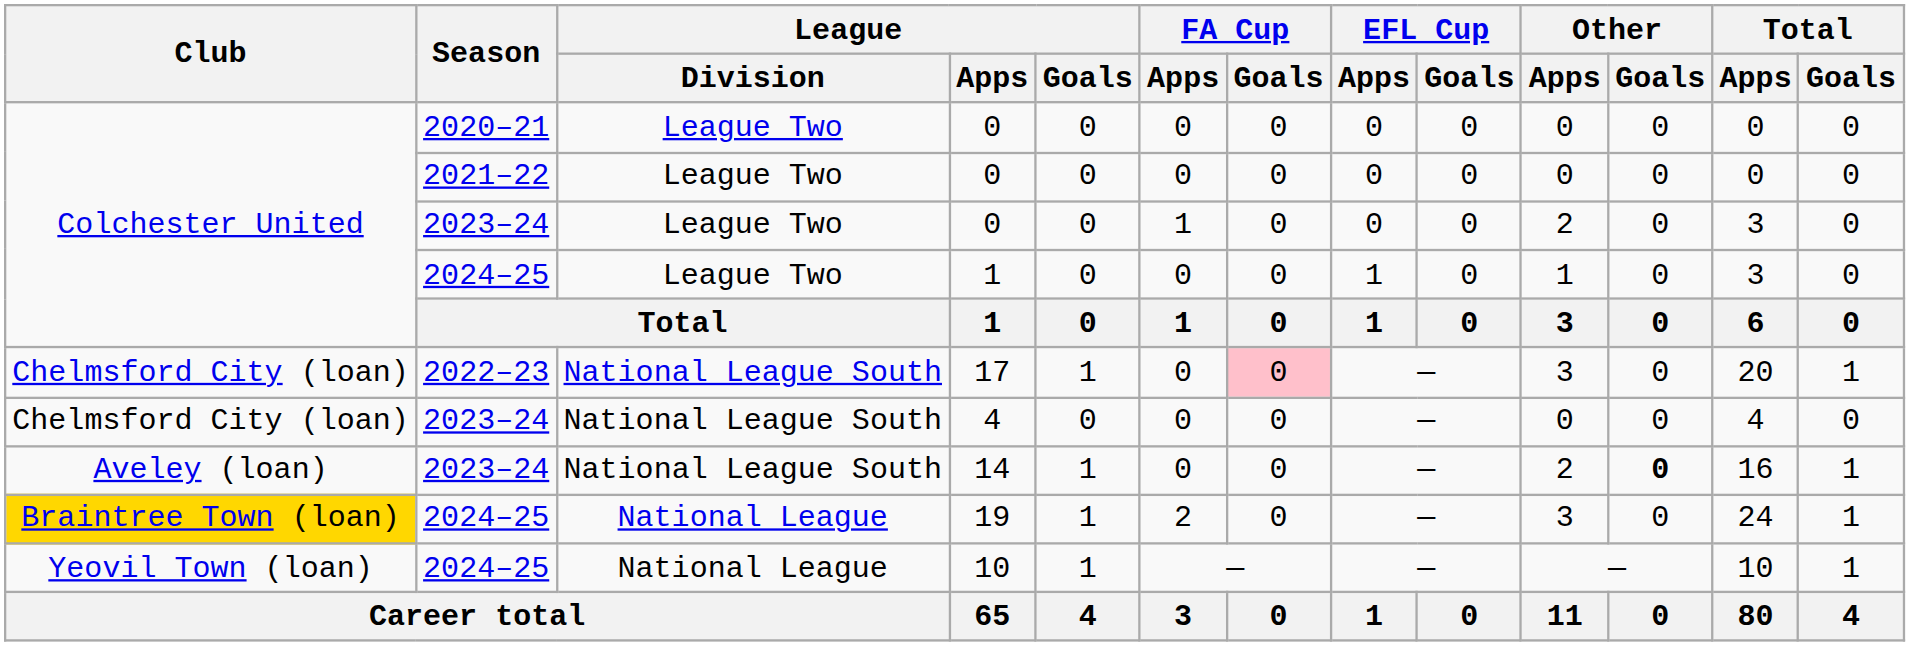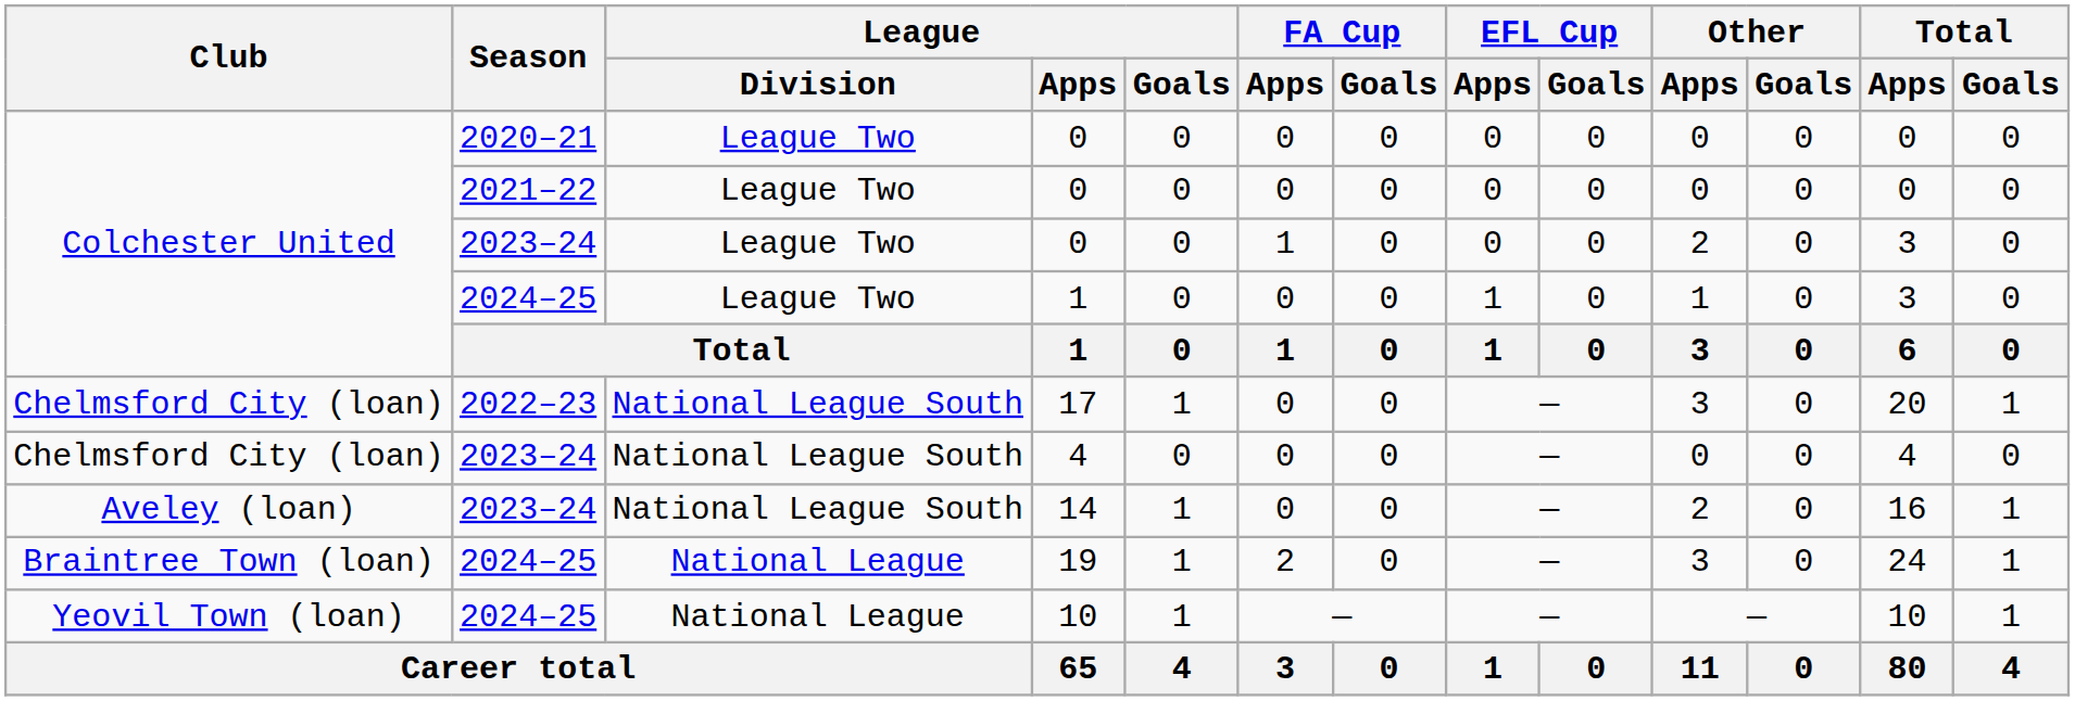 <table class="wikitable" style="text-align:center;">
 <tr>
 <th rowspan="2">Club</th>
 <th rowspan="2">Season</th>
 <th colspan="3">League</th>
 <th colspan="2"><a href='#'>FA Cup</a></th>
 <th colspan="2"><a href='#'>EFL Cup</a></th>
 <th colspan="2">Other</th>
 <th colspan="2">Total</th>
 </tr>
 <tr>
 <th>Division</th>
 <th>Apps</th>
 <th>Goals</th>
 <th>Apps</th>
 <th>Goals</th>
 <th>Apps</th>
 <th>Goals</th>
 <th>Apps</th>
 <th>Goals</th>
 <th>Apps</th>
 <th>Goals</th>
 </tr>
 <tr>
 <td rowspan="5"><a href='#'>Colchester United</a></td>
 <td><a href='#'>2020–21</a></td>
 <td><a href='#'>League Two</a></td>
 <td>0</td>
 <td>0</td>
 <td>0</td>
 <td>0</td>
 <td>0</td>
 <td>0</td>
 <td>0</td>
 <td>0</td>
 <td>0</td>
 <td>0</td>
 </tr>
 <tr>
 <td><a href='#'>2021–22</a></td>
 <td>League Two</td>
 <td>0</td>
 <td>0</td>
 <td>0</td>
 <td>0</td>
 <td>0</td>
 <td>0</td>
 <td>0</td>
 <td>0</td>
 <td>0</td>
 <td>0</td>
 </tr>
 <tr>
 <td><a href='#'>2023–24</a></td>
 <td>League Two</td>
 <td>0</td>
 <td>0</td>
 <td>1</td>
 <td>0</td>
 <td>0</td>
 <td>0</td>
 <td>2</td>
 <td>0</td>
 <td>3</td>
 <td>0</td>
 </tr>
 <tr>
 <td><a href='#'>2024–25</a></td>
 <td>League Two</td>
 <td>1</td>
 <td>0</td>
 <td>0</td>
 <td>0</td>
 <td>1</td>
 <td>0</td>
 <td>1</td>
 <td>0</td>
 <td>3</td>
 <td>0</td>
 </tr>
 <tr>
 <th colspan="2">Total</th>
 <th>1</th>
 <th>0</th>
 <th>1</th>
 <th>0</th>
 <th>1</th>
 <th>0</th>
 <th>3</th>
 <th>0</th>
 <th>6</th>
 <th>0</th>
 </tr>
 <tr>
 <td><a href='#'>Chelmsford City</a> (loan)</td>
 <td><a href='#'>2022–23</a></td>
 <td><a href='#'>National League South</a></td>
 <td>17</td>
 <td>1</td>
 <td>0</td>
-<td style="background: pink;">0</td>
+<td>0</td>
 <td colspan="2">—</td>
 <td>3</td>
 <td>0</td>
 <td>20</td>
 <td>1</td>
 </tr>
 <tr>
 <td>Chelmsford City (loan)</td>
 <td><a href='#'>2023–24</a></td>
 <td>National League South</td>
 <td>4</td>
 <td>0</td>
 <td>0</td>
 <td>0</td>
 <td colspan="2">—</td>
 <td>0</td>
 <td>0</td>
 <td>4</td>
 <td>0</td>
 </tr>
 <tr>
 <td><a href='#'>Aveley</a> (loan)</td>
 <td><a href='#'>2023–24</a></td>
 <td>National League South</td>
 <td>14</td>
 <td>1</td>
 <td>0</td>
 <td>0</td>
 <td colspan="2">—</td>
 <td>2</td>
-<td><strong>0</strong></td>
+<td>0</td>
 <td>16</td>
 <td>1</td>
 </tr>
 <tr>
-<td style="background: gold;"><a href='#'>Braintree Town</a> (loan)</td>
+<td><a href='#'>Braintree Town</a> (loan)</td>
 <td><a href='#'>2024–25</a></td>
 <td><a href='#'>National League</a></td>
 <td>19</td>
 <td>1</td>
 <td>2</td>
 <td>0</td>
 <td colspan="2">—</td>
 <td>3</td>
 <td>0</td>
 <td>24</td>
 <td>1</td>
 </tr>
 <tr>
 <td><a href='#'>Yeovil Town</a> (loan)</td>
 <td><a href='#'>2024–25</a></td>
 <td>National League</td>
 <td>10</td>
 <td>1</td>
 <td colspan="2">—</td>
 <td colspan="2">—</td>
 <td colspan="2">—</td>
 <td>10</td>
 <td>1</td>
 </tr>
 <tr>
 <th colspan="3">Career total</th>
 <th>65</th>
 <th>4</th>
 <th>3</th>
 <th>0</th>
 <th>1</th>
 <th>0</th>
 <th>11</th>
 <th>0</th>
 <th>80</th>
 <th>4</th>
 </tr>
 </table>
